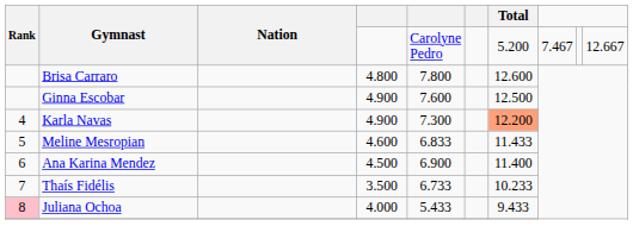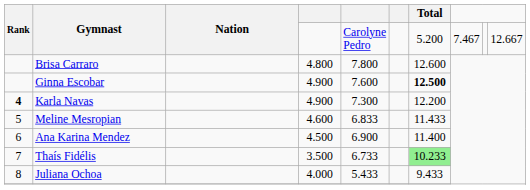 <table style="text-align:center;" class="wikitable sortable">
 <tr>
 <th rowspan="2" scope="col" style="width:15px;"><small>Rank</small></th>
 <th rowspan="2" scope="col" style="width:175px;">Gymnast</th>
 <th rowspan="2" scope="col" style="width:175px;">Nation</th>
 <th scope="col" style="width:50px;"><small></small></th>
 <th scope="col" style="width:50px;"><small></small></th>
 <th scope="col" style="width:20px;"><small></small></th>
 <th scope="col" style="width:50px;">Total</th>
 </tr>
 <tr>
 <td></td>
 <td align=left><a href='#'>Carolyne Pedro</a></td>
 <td align=left></td>
 <td>5.200</td>
 <td>7.467</td>
 <td></td>
 <td>12.667</td>
 </tr>
 <tr>
 <td></td>
 <td align=left><a href='#'>Brisa Carraro</a></td>
 <td align=left></td>
 <td>4.800</td>
 <td>7.800</td>
 <td></td>
 <td>12.600</td>
 </tr>
 <tr>
 <td></td>
 <td align=left><a href='#'>Ginna Escobar</a></td>
 <td align=left></td>
 <td>4.900</td>
 <td>7.600</td>
 <td></td>
-<td>12.500</td>
+<td><strong>12.500</strong></td>
 </tr>
 <tr>
-<td>4</td>
+<td><strong>4</strong></td>
 <td align=left><a href='#'>Karla Navas</a></td>
 <td align=left></td>
 <td>4.900</td>
 <td>7.300</td>
 <td></td>
-<td style="background: lightsalmon;">12.200</td>
+<td>12.200</td>
 </tr>
 <tr>
 <td>5</td>
 <td align=left><a href='#'>Meline Mesropian</a></td>
 <td align=left></td>
 <td>4.600</td>
 <td>6.833</td>
 <td></td>
 <td>11.433</td>
 </tr>
 <tr>
 <td>6</td>
 <td align=left><a href='#'>Ana Karina Mendez</a></td>
 <td align=left></td>
 <td>4.500</td>
 <td>6.900</td>
 <td></td>
 <td>11.400</td>
 </tr>
 <tr>
 <td>7</td>
 <td align=left><a href='#'>Thaís Fidélis</a></td>
 <td align=left></td>
 <td>3.500</td>
 <td>6.733</td>
 <td></td>
-<td>10.233</td>
+<td style="background: lightgreen;">10.233</td>
 </tr>
 <tr>
-<td style="background: pink;">8</td>
+<td>8</td>
 <td align=left><a href='#'>Juliana Ochoa</a></td>
 <td align=left></td>
 <td>4.000</td>
 <td>5.433</td>
 <td></td>
 <td>9.433</td>
 </tr>
 <tr>
 </tr>
 </table>
